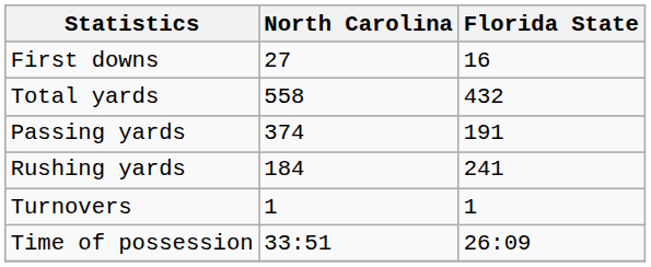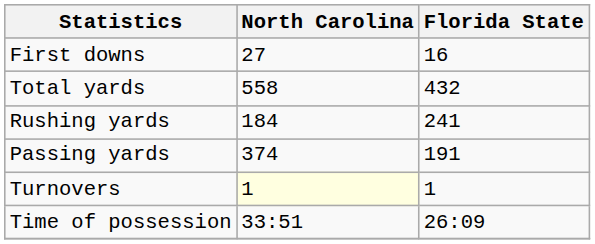 <table class="wikitable">
 <tr>
 <th>Statistics</th>
 <th>North Carolina</th>
 <th>Florida State</th>
 </tr>
 <tr>
 <td>First downs</td>
 <td>27</td>
 <td>16</td>
 </tr>
 <tr>
 <td>Total yards</td>
 <td>558</td>
 <td>432</td>
 </tr>
 <tr>
+<td>Rushing yards</td>
+<td>184</td>
+<td>241</td>
+</tr>
+<tr>
 <td>Passing yards</td>
 <td>374</td>
 <td>191</td>
 </tr>
 <tr>
-<td>Rushing yards</td>
-<td>184</td>
-<td>241</td>
-</tr>
-<tr>
 <td>Turnovers</td>
-<td>1</td>
+<td style="background: lightyellow;">1</td>
 <td>1</td>
 </tr>
 <tr>
 <td>Time of possession</td>
 <td>33:51</td>
 <td>26:09</td>
 </tr>
 <tr>
 </tr>
 </table>
